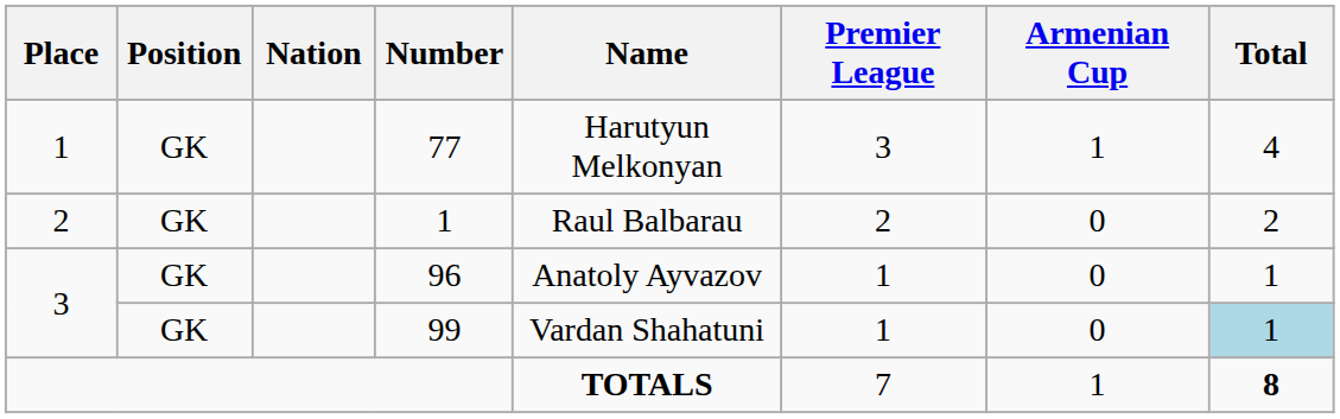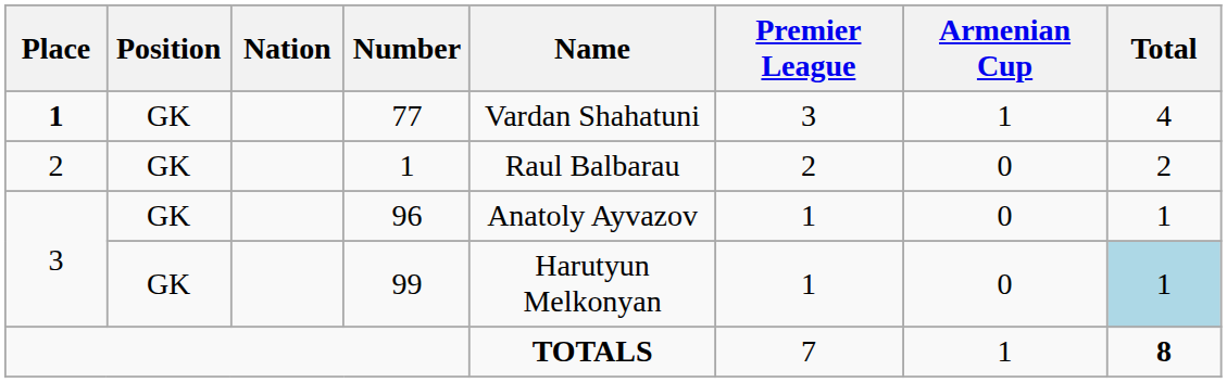 <table class="wikitable" style="font-size: 95%; text-align: center;">
 <tr>
 <th width=60>Place</th>
 <th width=60>Position</th>
 <th width=60>Nation</th>
 <th width=60>Number</th>
 <th width=200>Name</th>
 <th width=150><a href='#'>Premier League</a></th>
 <th width=150><a href='#'>Armenian Cup</a></th>
 <th width=80><strong>Total</strong></th>
 </tr>
 <tr>
-<td>1</td>
+<td><strong>1</strong></td>
 <td>GK</td>
 <td></td>
 <td>77</td>
-<td>Harutyun Melkonyan</td>
+<td>Vardan Shahatuni</td>
 <td>3</td>
 <td>1</td>
 <td>4</td>
 </tr>
 <tr>
 <td>2</td>
 <td>GK</td>
 <td></td>
 <td>1</td>
 <td>Raul Balbarau</td>
 <td>2</td>
 <td>0</td>
 <td>2</td>
 </tr>
 <tr>
 <td rowspan="2">3</td>
 <td>GK</td>
 <td></td>
 <td>96</td>
 <td>Anatoly Ayvazov</td>
 <td>1</td>
 <td>0</td>
 <td>1</td>
 </tr>
 <tr>
 <td>GK</td>
 <td></td>
 <td>99</td>
-<td>Vardan Shahatuni</td>
+<td>Harutyun Melkonyan</td>
 <td>1</td>
 <td>0</td>
 <td style="background: lightblue;">1</td>
 </tr>
 <tr>
 <td colspan="4"></td>
 <td><strong>TOTALS</strong></td>
 <td>7</td>
 <td>1</td>
 <td><strong>8</strong></td>
 </tr>
 </table>
